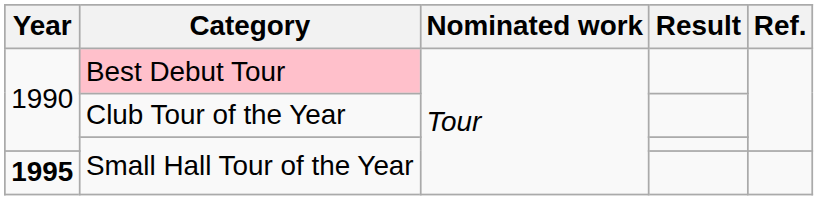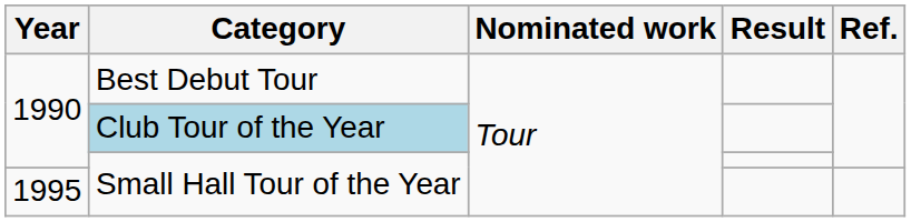 <table class="wikitable">
 <tr>
 <th>Year</th>
 <th>Category</th>
 <th>Nominated work</th>
 <th>Result</th>
 <th>Ref.</th>
 </tr>
 <tr>
 <td rowspan="3">1990</td>
-<td style="background: pink;">Best Debut Tour</td>
+<td>Best Debut Tour</td>
 <td rowspan="4"><em>Tour</em></td>
 <td></td>
 <td align="center" rowspan="3"></td>
 </tr>
 <tr>
-<td>Club Tour of the Year</td>
+<td style="background: lightblue;">Club Tour of the Year</td>
 <td></td>
 </tr>
 <tr>
 <td rowspan="2">Small Hall Tour of the Year</td>
 <td></td>
 </tr>
 <tr>
-<td><strong>1995</strong></td>
+<td>1995</td>
 <td></td>
 <td align="center"></td>
 </tr>
 </table>
